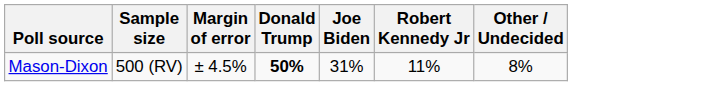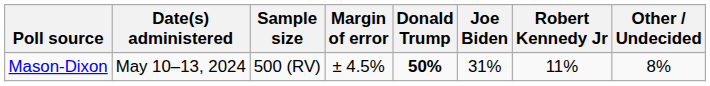 <table class="wikitable sortable mw-datatable" style="font-size:90%;text-align:center;line-height:17px">
 <tr valign=bottom>
 <th>Poll source</th>
+<th>Date(s)<br>administered</th>
 <th>Sample<br>size</th>
 <th>Margin<br>of error</th>
 <th class="unsortable">Donald<br>Trump<br></th>
 <th class="unsortable">Joe<br>Biden<br></th>
 <th class="unsortable">Robert<br>Kennedy Jr<br></th>
 <th class="unsortable">Other /<br>Undecided</th>
 </tr>
 <tr>
 <td style="text-align:left;"><a href='#'>Mason-Dixon</a></td>
+<td data-sort-value="2024-05-24">May 10–13, 2024</td>
 <td>500 (RV)</td>
 <td>± 4.5%</td>
 <td style="background-color:"><strong>50%</strong></td>
 <td>31%</td>
 <td>11%</td>
 <td>8%</td>
 </tr>
 </table>
